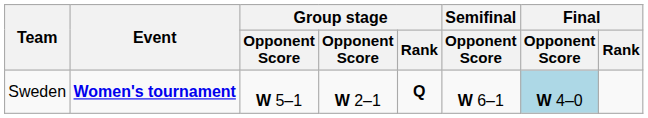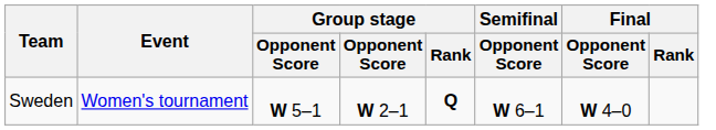 <table class="wikitable" style="font-size:90%">
 <tr>
 <th rowspan=2>Team</th>
 <th rowspan=2>Event</th>
 <th colspan=3>Group stage</th>
 <th>Semifinal</th>
 <th colspan=2>Final</th>
 </tr>
 <tr style="font-size:95%">
 <th>Opponent<br>Score</th>
 <th>Opponent<br>Score</th>
 <th>Rank</th>
 <th>Opponent<br>Score</th>
 <th>Opponent<br>Score</th>
 <th>Rank</th>
 </tr>
 <tr align=center>
 <td align=left>Sweden</td>
-<td align=left><strong><a href='#'>Women's tournament</a></strong></td>
+<td align=left><a href='#'>Women's tournament</a></td>
 <td><br><strong>W</strong> 5–1</td>
 <td><br><strong>W</strong> 2–1 </td>
 <td><strong>Q</strong></td>
 <td><br><strong>W</strong> 6–1</td>
-<td style="background: lightblue;"><br><strong>W</strong> 4–0</td>
+<td><br><strong>W</strong> 4–0</td>
 <td></td>
 </tr>
 </table>
